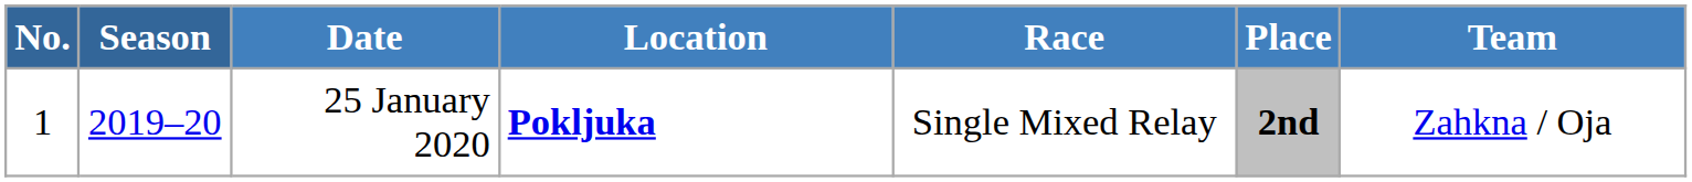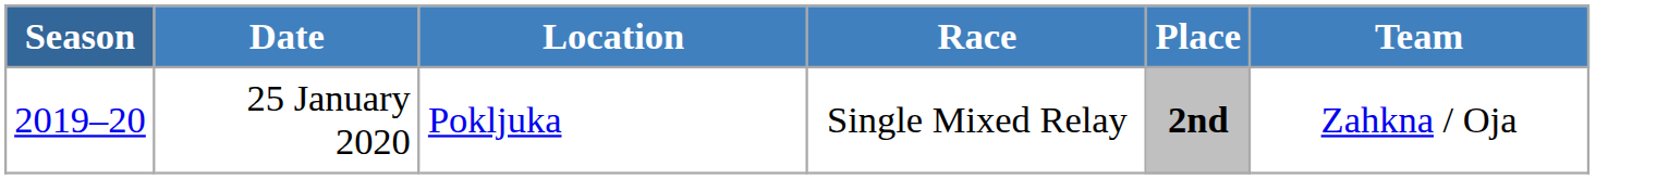 <table class="wikitable sortable" style="font-size:95%; text-align:center; border:grey solid 1px; border-collapse:collapse; background:#ffffff;">
 <tr style="background:#efefef;">
-<th style="background-color:#369; color:white;">No.</th>
 <th style="background-color:#369; color:white;">Season</th>
 <th style="background-color:#4180be; color:white; width:100px;">Date</th>
 <th style="background-color:#4180be; color:white; width:150px;">Location</th>
 <th style="background-color:#4180be; color:white; width:130px;">Race</th>
 <th style="background-color:#4180be; color:white;">Place</th>
 <th style="background-color:#4180be; color:white; width:130px;">Team</th>
 </tr>
 <tr>
-<td align=center>1</td>
 <td align=center><a href='#'>2019–20</a></td>
 <td align=right>25 January 2020</td>
-<td align=left><strong> <a href='#'>Pokljuka</a></strong></td>
+<td align=left> <a href='#'>Pokljuka</a></td>
 <td>Single Mixed Relay</td>
 <td bgcolor="silver"><strong>2nd</strong></td>
 <td><a href='#'>Zahkna</a> / Oja</td>
 </tr>
 </table>
